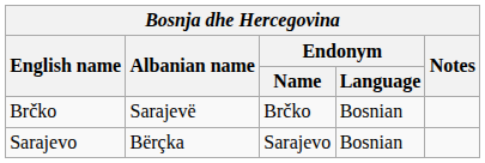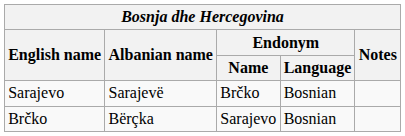 <table class="wikitable sortable">
 <tr>
 <th colspan="5"> <em>Bosnja dhe Hercegovina</em></th>
 </tr>
 <tr>
 <th rowspan="2">English name</th>
 <th rowspan="2">Albanian name</th>
 <th colspan="2">Endonym</th>
 <th rowspan="2">Notes</th>
 </tr>
 <tr>
 <th>Name</th>
 <th>Language</th>
 </tr>
 <tr>
-<td>Brčko</td>
+<td>Sarajevo</td>
 <td>Sarajevë</td>
 <td>Brčko</td>
 <td>Bosnian</td>
 <td></td>
 </tr>
 <tr>
-<td>Sarajevo</td>
+<td>Brčko</td>
 <td>Bërçka</td>
 <td>Sarajevo</td>
 <td>Bosnian</td>
 <td></td>
 </tr>
 </table>
